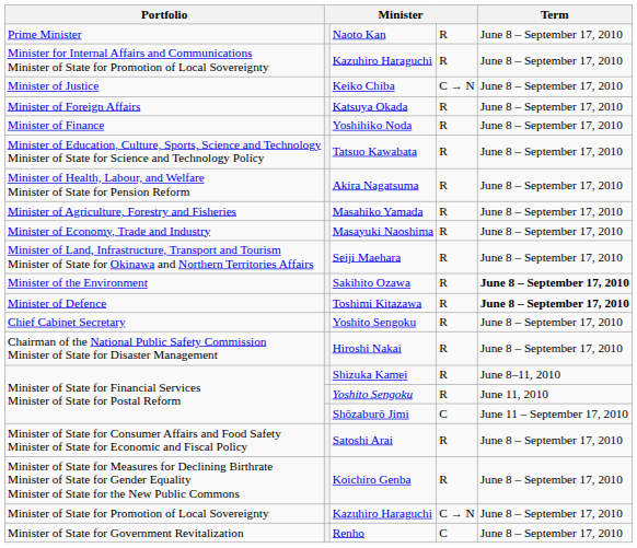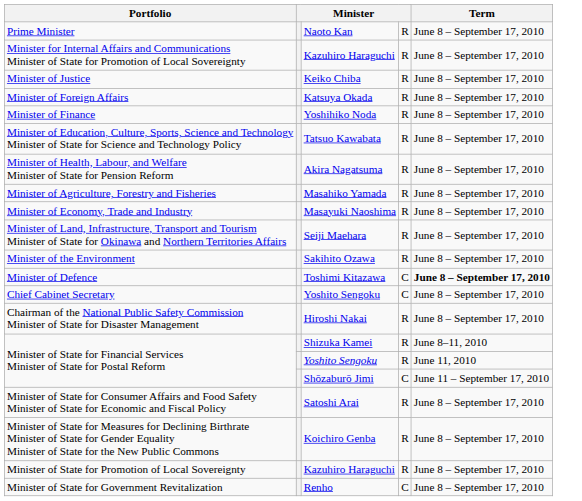 <table class="wikitable">
 <tr>
 <th>Portfolio</th>
 <th colspan=3>Minister</th>
 <th colspan=2>Term</th>
 </tr>
 <tr>
 <td><a href='#'>Prime Minister</a></td>
 <th style="color:inherit;background-color: "></th>
 <td><a href='#'>Naoto Kan</a></td>
 <td>R</td>
 <td>June 8 – September 17, 2010</td>
 </tr>
 <tr>
 <td><a href='#'>Minister for Internal Affairs and Communications</a> <br>Minister of State for Promotion of Local Sovereignty</td>
 <th style="color:inherit;background-color: "></th>
 <td><a href='#'>Kazuhiro Haraguchi</a></td>
 <td>R</td>
 <td>June 8 – September 17, 2010</td>
 </tr>
 <tr>
 <td><a href='#'>Minister of Justice</a></td>
 <th style="color:inherit;background-color: "></th>
 <td><a href='#'>Keiko Chiba</a></td>
-<td>C → N</td>
+<td>R</td>
 <td>June 8 – September 17, 2010</td>
 </tr>
 <tr>
 <td><a href='#'>Minister of Foreign Affairs</a></td>
 <th style="color:inherit;background-color: "></th>
 <td><a href='#'>Katsuya Okada</a></td>
 <td>R</td>
 <td>June 8 – September 17, 2010</td>
 </tr>
 <tr>
 <td><a href='#'>Minister of Finance</a></td>
 <th style="color:inherit;background-color: "></th>
 <td><a href='#'>Yoshihiko Noda</a></td>
 <td>R</td>
 <td>June 8 – September 17, 2010</td>
 </tr>
 <tr>
 <td><a href='#'>Minister of Education, Culture, Sports, Science and Technology</a> <br> Minister of State for Science and Technology Policy</td>
 <th style="color:inherit;background-color: "></th>
 <td><a href='#'>Tatsuo Kawabata</a></td>
 <td>R</td>
 <td>June 8 – September 17, 2010</td>
 </tr>
 <tr>
 <td><a href='#'>Minister of Health, Labour, and Welfare</a> <br> Minister of State for Pension Reform</td>
 <th style="color:inherit;background-color: "></th>
 <td><a href='#'>Akira Nagatsuma</a></td>
 <td>R</td>
 <td>June 8 – September 17, 2010</td>
 </tr>
 <tr>
 <td><a href='#'>Minister of Agriculture, Forestry and Fisheries</a></td>
 <th style="color:inherit;background-color: "></th>
 <td><a href='#'>Masahiko Yamada</a></td>
 <td>R</td>
 <td>June 8 – September 17, 2010</td>
 </tr>
 <tr>
 <td><a href='#'>Minister of Economy, Trade and Industry</a></td>
 <th style="color:inherit;background-color: "></th>
 <td><a href='#'>Masayuki Naoshima</a></td>
 <td>R</td>
 <td>June 8 – September 17, 2010</td>
 </tr>
 <tr>
 <td><a href='#'>Minister of Land, Infrastructure, Transport and Tourism</a> <br> Minister of State for <a href='#'>Okinawa</a> and <a href='#'>Northern Territories Affairs</a></td>
 <th style="color:inherit;background-color: "></th>
 <td><a href='#'>Seiji Maehara</a></td>
 <td>R</td>
 <td>June 8 – September 17, 2010</td>
 </tr>
 <tr>
 <td><a href='#'>Minister of the Environment</a></td>
 <th style="color:inherit;background-color: "></th>
 <td><a href='#'>Sakihito Ozawa</a></td>
 <td>R</td>
-<td><strong>June 8 – September 17, 2010</strong></td>
+<td>June 8 – September 17, 2010</td>
 </tr>
 <tr>
 <td><a href='#'>Minister of Defence</a></td>
 <th style="color:inherit;background-color: "></th>
 <td><a href='#'>Toshimi Kitazawa</a></td>
-<td>R</td>
+<td>C</td>
 <td><strong>June 8 – September 17, 2010</strong></td>
 </tr>
 <tr>
 <td><a href='#'>Chief Cabinet Secretary</a></td>
 <th style="color:inherit;background-color: "></th>
 <td><a href='#'>Yoshito Sengoku</a></td>
-<td>R</td>
+<td>C</td>
 <td>June 8 – September 17, 2010</td>
 </tr>
 <tr>
 <td>Chairman of the <a href='#'>National Public Safety Commission</a> <br> Minister of State for Disaster Management</td>
 <th style="color:inherit;background-color: "></th>
 <td><a href='#'>Hiroshi Nakai</a></td>
 <td>R</td>
 <td>June 8 – September 17, 2010</td>
 </tr>
 <tr>
 <td rowspan="3">Minister of State for Financial Services <br> Minister of State for Postal Reform</td>
 <th style="color:inherit;background-color: "></th>
 <td><a href='#'>Shizuka Kamei</a></td>
 <td>R</td>
 <td>June 8–11, 2010</td>
 </tr>
 <tr>
 <th style="color:inherit;background-color: "></th>
 <td><em><a href='#'>Yoshito Sengoku</a></em></td>
 <td>R</td>
 <td>June 11, 2010</td>
 </tr>
 <tr>
 <th style="color:inherit;background-color: "></th>
 <td><a href='#'>Shōzaburō Jimi</a></td>
 <td>C</td>
 <td>June 11 – September 17, 2010</td>
 </tr>
 <tr>
 <td>Minister of State for Consumer Affairs and Food Safety <br> Minister of State for Economic and Fiscal Policy</td>
 <th style="color:inherit;background-color: "></th>
 <td><a href='#'>Satoshi Arai</a></td>
 <td>R</td>
 <td>June 8 – September 17, 2010</td>
 </tr>
 <tr>
 <td>Minister of State for Measures for Declining Birthrate <br> Minister of State for Gender Equality <br> Minister of State for the New Public Commons</td>
 <th style="color:inherit;background-color: "></th>
 <td><a href='#'>Koichiro Genba</a></td>
 <td>R</td>
 <td>June 8 – September 17, 2010</td>
 </tr>
 <tr>
 <td>Minister of State for Promotion of Local Sovereignty</td>
 <th style="color:inherit;background-color: "></th>
 <td><a href='#'>Kazuhiro Haraguchi</a></td>
-<td>C → N</td>
+<td>R</td>
 <td>June 8 – September 17, 2010</td>
 </tr>
 <tr>
 <td>Minister of State for Government Revitalization</td>
 <th style="color:inherit;background-color: "></th>
 <td><a href='#'>Renho</a></td>
 <td>C</td>
 <td>June 8 – September 17, 2010</td>
 </tr>
 </table>
